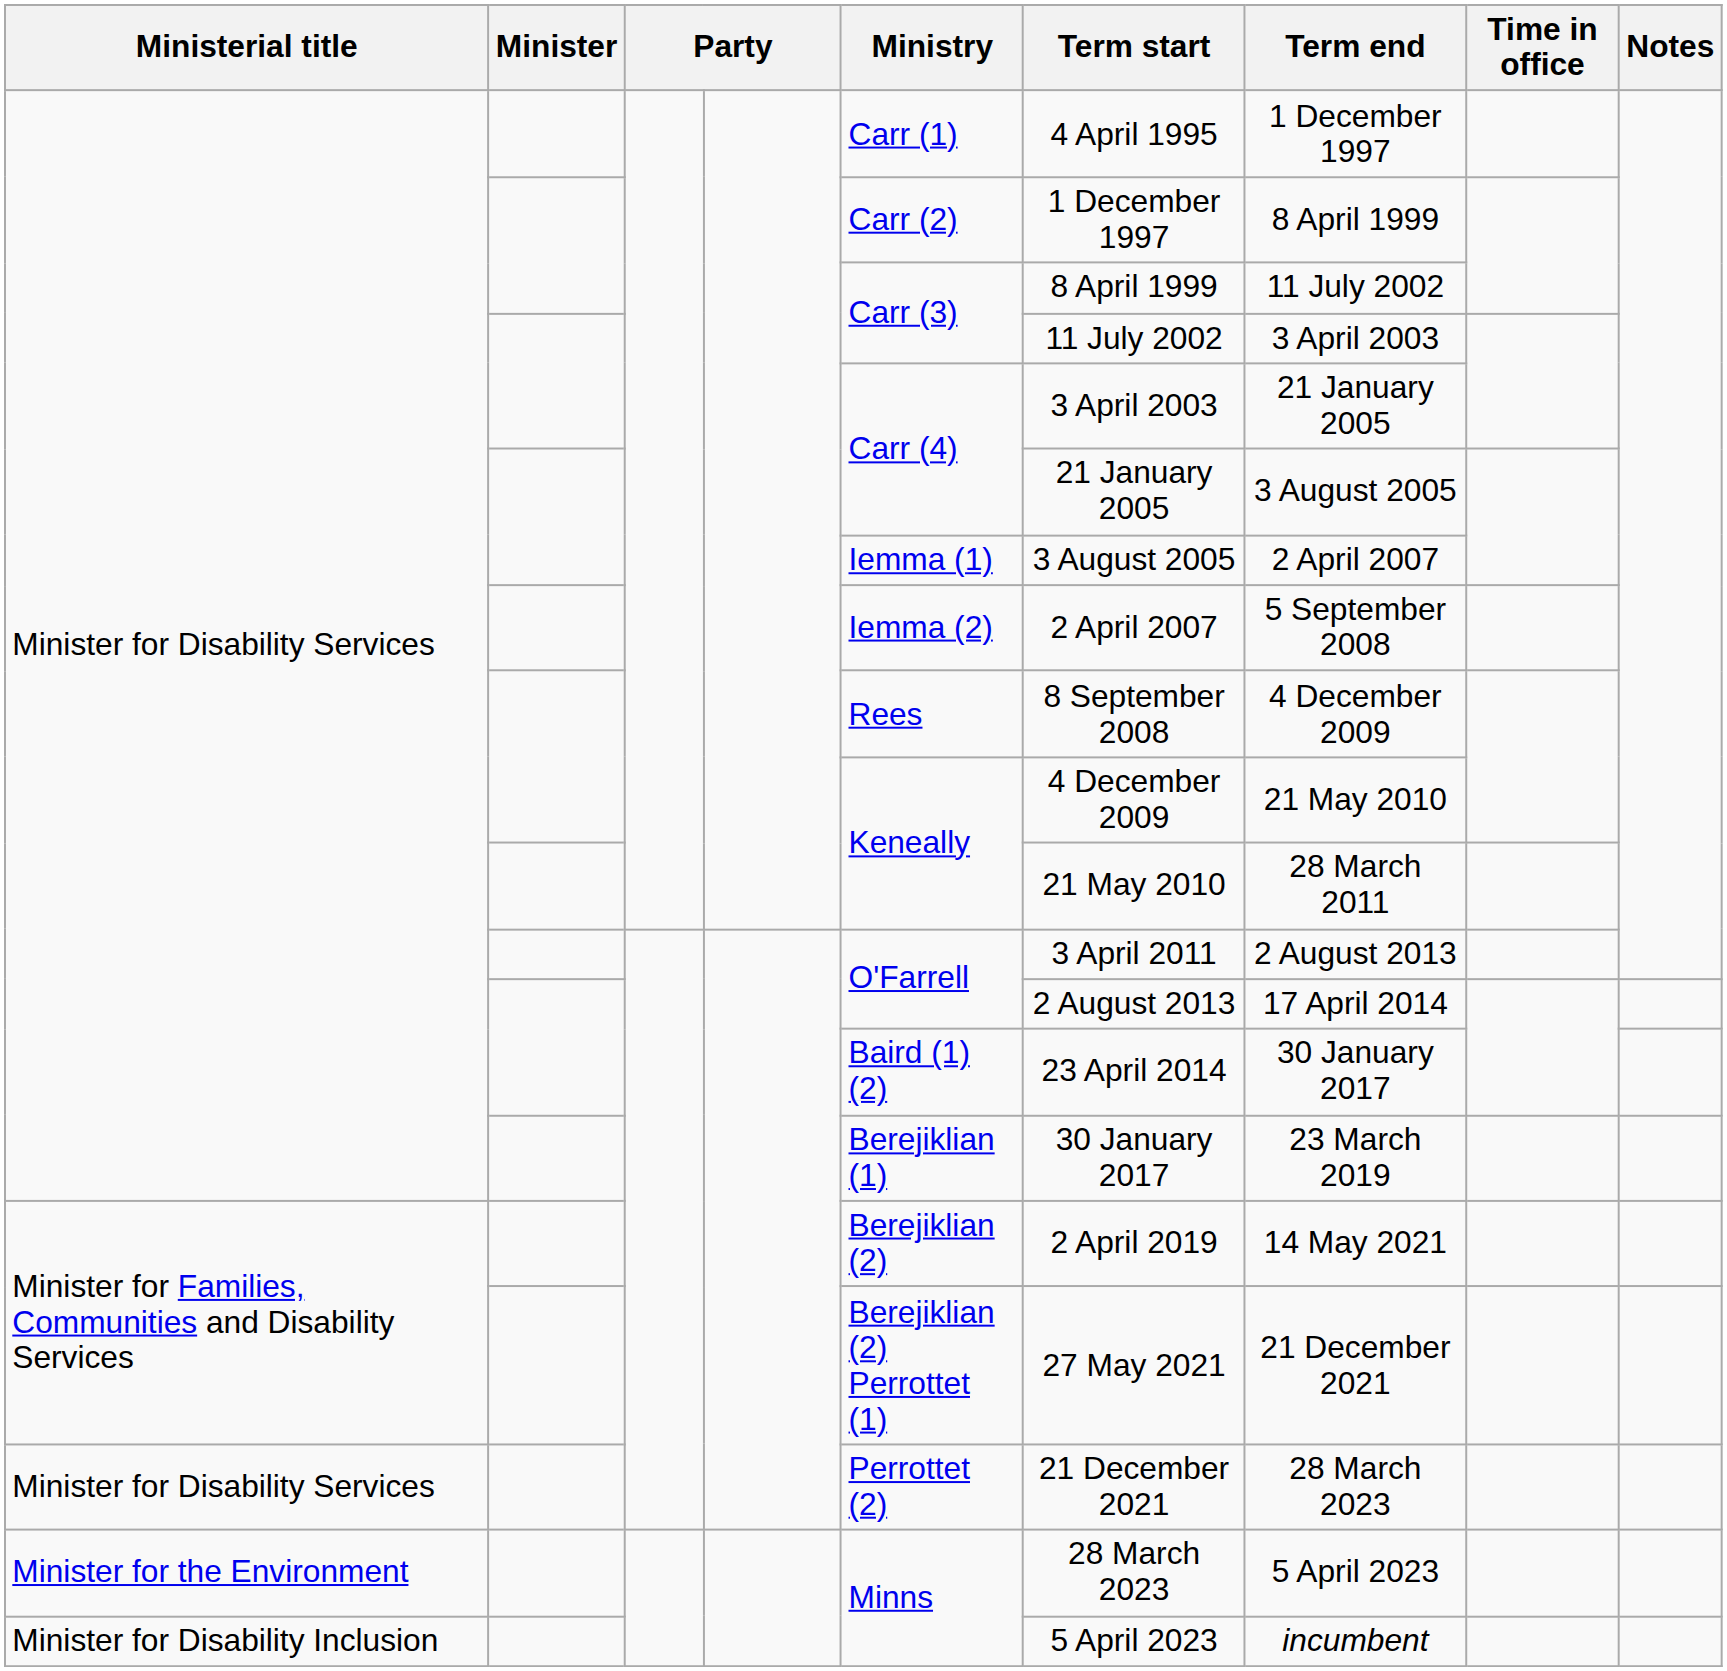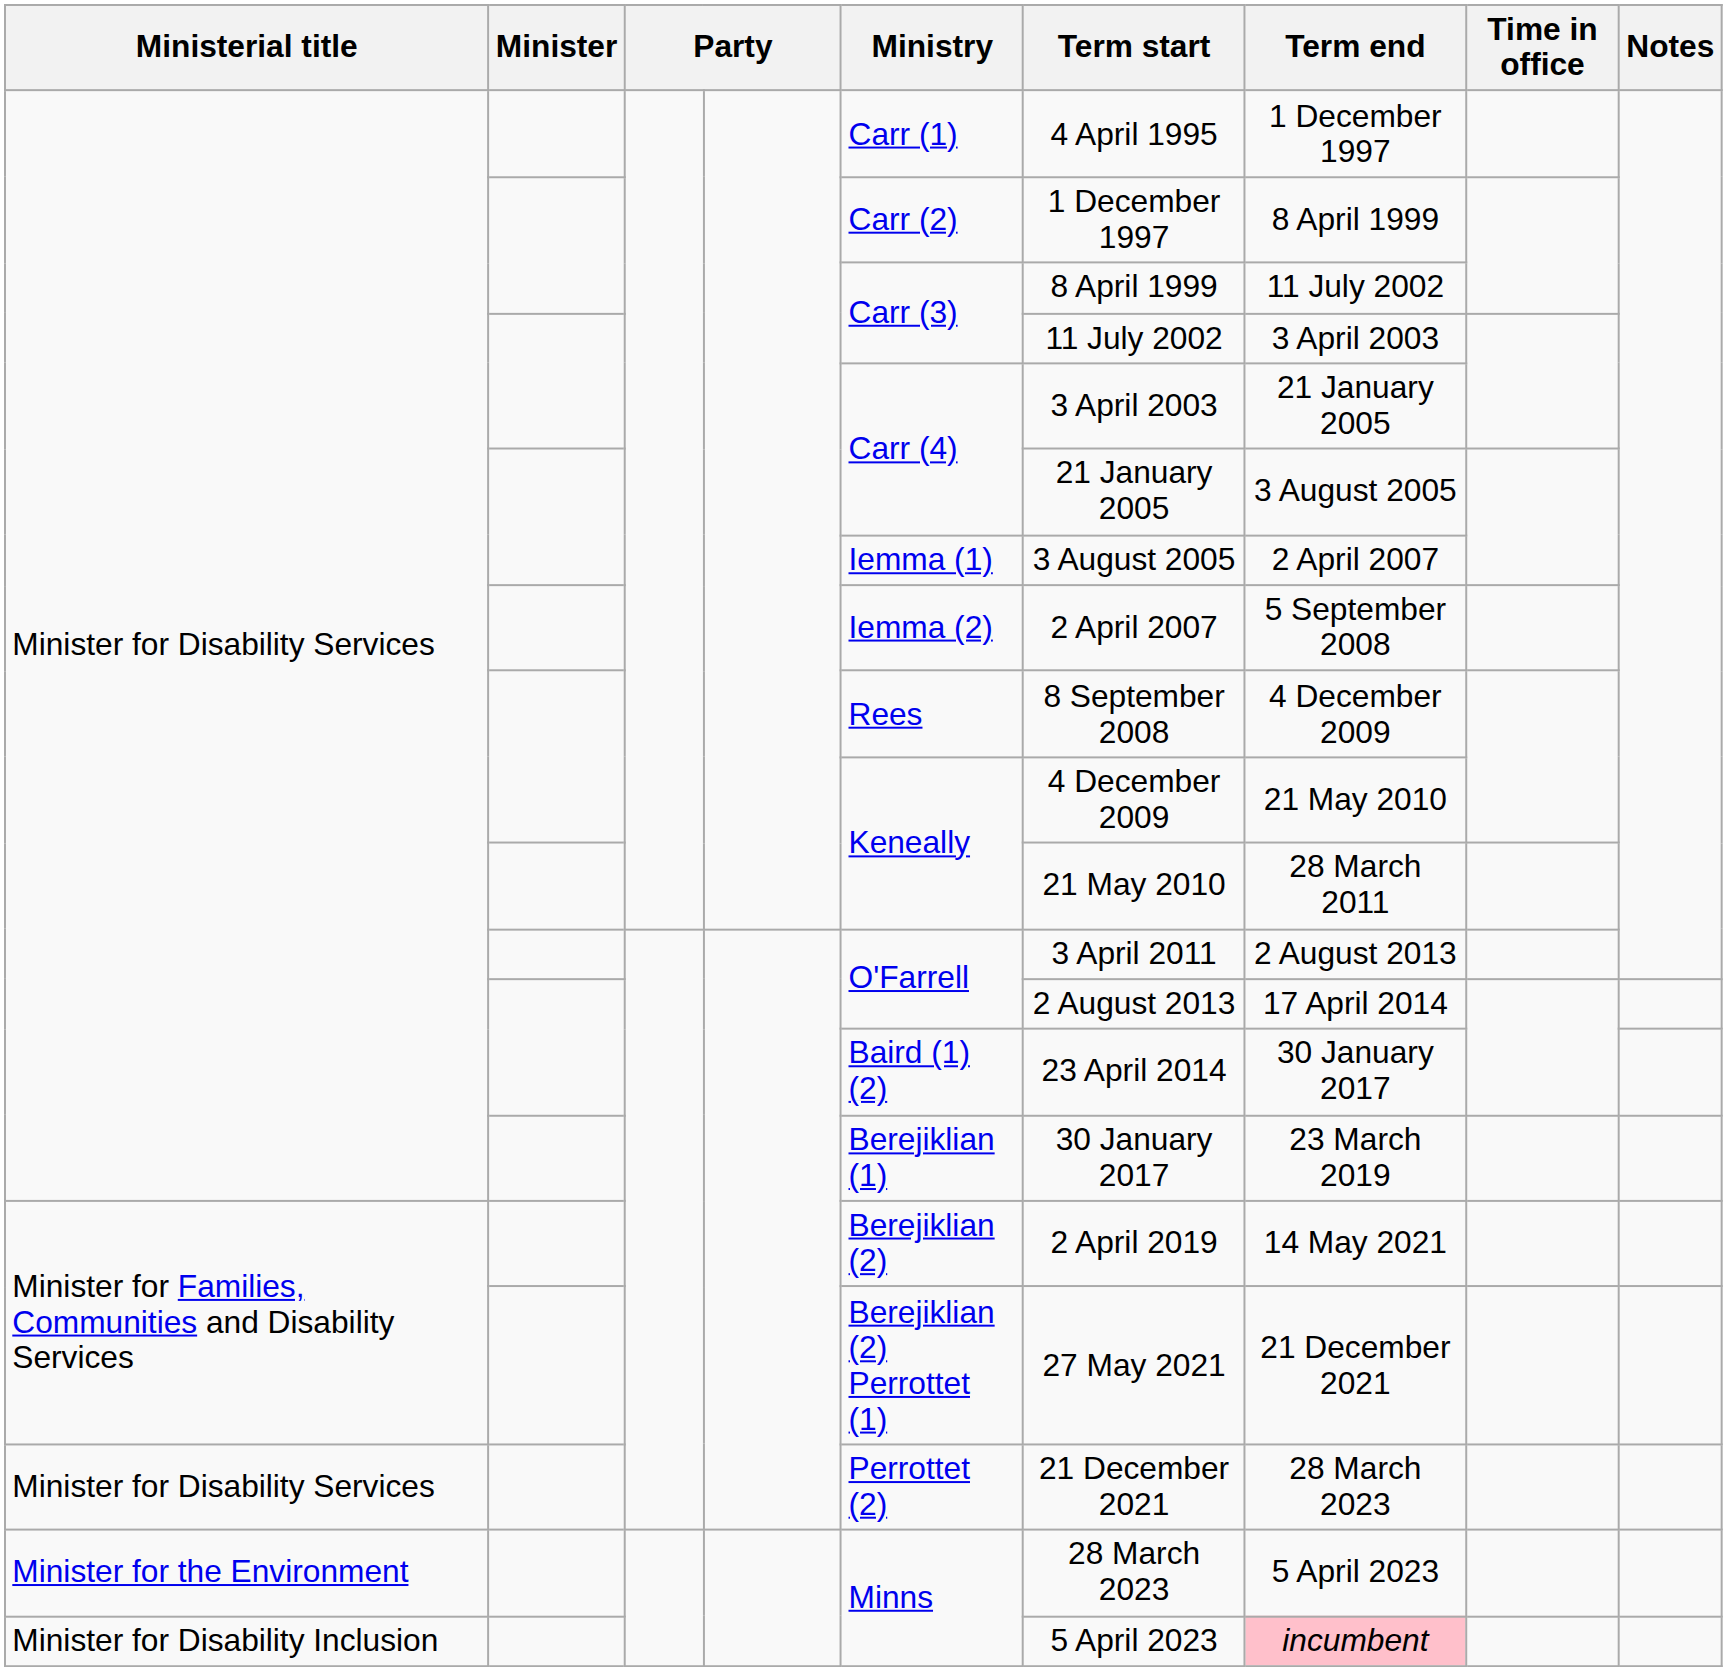 <table class="wikitable sortable">
 <tr>
 <th>Ministerial title</th>
 <th>Minister</th>
 <th colspan=2>Party</th>
 <th>Ministry</th>
 <th>Term start</th>
 <th>Term end</th>
 <th>Time in office</th>
 <th class="unsortable">Notes</th>
 </tr>
 <tr>
 <td rowspan=15>Minister for Disability Services</td>
 <td></td>
 <td rowspan=11 > </td>
 <td rowspan=11 width=8%></td>
 <td><a href='#'>Carr (1)</a></td>
 <td align=center>4 April 1995</td>
 <td align=center>1 December 1997</td>
 <td align=right></td>
 </tr>
 <tr>
 <td rowspan=2></td>
 <td><a href='#'>Carr (2)</a></td>
 <td align=center>1 December 1997</td>
 <td align=center>8 April 1999</td>
 <td rowspan=2 align=right><strong></strong></td>
 </tr>
 <tr>
 <td rowspan=2><a href='#'>Carr (3)</a></td>
 <td align=center>8 April 1999</td>
 <td align=center>11 July 2002</td>
 </tr>
 <tr>
 <td rowspan=2></td>
 <td align=center>11 July 2002</td>
 <td align=center>3 April 2003</td>
 <td rowspan=2 align=right></td>
 </tr>
 <tr>
 <td rowspan=2><a href='#'>Carr (4)</a></td>
 <td align=center>3 April 2003</td>
 <td align=center>21 January 2005</td>
 </tr>
 <tr>
 <td rowspan=2></td>
 <td align=center>21 January 2005</td>
 <td align=center>3 August 2005</td>
 <td rowspan=2 align=right></td>
 </tr>
 <tr>
 <td><a href='#'>Iemma (1)</a></td>
 <td align=center>3 August 2005</td>
 <td align=center>2 April 2007</td>
 </tr>
 <tr>
 <td></td>
 <td><a href='#'>Iemma (2)</a></td>
 <td align=center>2 April 2007</td>
 <td align=center>5 September 2008</td>
 <td align=right></td>
 </tr>
 <tr>
 <td rowspan=2></td>
 <td><a href='#'>Rees</a></td>
 <td align=center>8 September 2008</td>
 <td align=center>4 December 2009</td>
 <td rowspan=2 align=right></td>
 </tr>
 <tr>
 <td rowspan=2><a href='#'>Keneally</a></td>
 <td align=center>4 December 2009</td>
 <td align=center>21 May 2010</td>
 </tr>
 <tr>
 <td></td>
 <td align=center>21 May 2010</td>
 <td align=center>28 March 2011</td>
 <td align=right></td>
 </tr>
 <tr>
 <td></td>
 <td rowspan=7 > </td>
 <td rowspan=7></td>
 <td rowspan=2><a href='#'>O'Farrell</a></td>
 <td align=center>3 April 2011</td>
 <td align=center>2 August 2013</td>
 <td align=right></td>
 </tr>
 <tr>
 <td rowspan=2></td>
 <td align=center>2 August 2013</td>
 <td align=center>17 April 2014</td>
 <td rowspan=2 align=right></td>
 <td></td>
 </tr>
 <tr>
 <td><a href='#'>Baird (1)</a> <a href='#'>(2)</a></td>
 <td align=center>23 April 2014</td>
 <td align=center>30 January 2017</td>
 <td></td>
 </tr>
 <tr>
 <td></td>
 <td><a href='#'>Berejiklian (1)</a></td>
 <td align=center>30 January 2017</td>
 <td align=center>23 March 2019</td>
 <td align=right></td>
 <td></td>
 </tr>
 <tr>
 <td rowspan="2">Minister for <a href='#'>Families, Communities</a> and Disability Services</td>
 <td></td>
 <td><a href='#'>Berejiklian (2)</a></td>
 <td align=center>2 April 2019</td>
 <td align=center>14 May 2021</td>
 <td align=right></td>
 <td></td>
 </tr>
 <tr>
 <td></td>
 <td><a href='#'>Berejiklian (2)</a><br><a href='#'>Perrottet (1)</a></td>
 <td align=center>27 May 2021</td>
 <td align=center>21 December 2021</td>
 <td align=right></td>
 <td></td>
 </tr>
 <tr>
 <td>Minister for Disability Services</td>
 <td></td>
 <td><a href='#'>Perrottet (2)</a></td>
 <td align=center>21 December 2021</td>
 <td align=center>28 March 2023</td>
 <td align=right></td>
 <td></td>
 </tr>
 <tr>
 <td><a href='#'>Minister for the Environment</a></td>
 <td></td>
 <td rowspan=2 > </td>
 <td rowspan=2></td>
 <td rowspan=2><a href='#'>Minns</a></td>
 <td align=center>28 March 2023</td>
 <td align=center>5 April 2023</td>
 <td align=right></td>
 <td></td>
 </tr>
 <tr>
 <td>Minister for Disability Inclusion</td>
 <td></td>
 <td align=center>5 April 2023</td>
-<td align=center><em>incumbent</em></td>
+<td align=center style="background: pink;"><em>incumbent</em></td>
 <td align=right></td>
 <td></td>
 </tr>
 </table>
